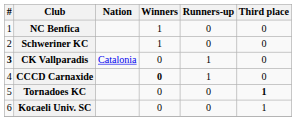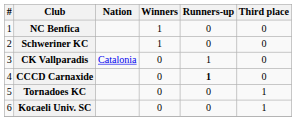 <table class="wikitable plainrowheaders sortable">
 <tr>
 <th scope="col">#</th>
 <th scope="col">Club</th>
 <th scope="col">Nation</th>
 <th scope="col">Winners</th>
 <th scope="col">Runners-up</th>
 <th scope="col">Third place</th>
 </tr>
 <tr>
 <td>1</td>
 <th scope="row">NC Benfica</th>
 <td scope="row"></td>
 <td align=center>1</td>
 <td align=center>0</td>
 <td align=center>0</td>
 </tr>
 <tr>
 <td>2</td>
 <th scope="row">Schweriner KC</th>
 <td scope="row"></td>
 <td align=center>1</td>
 <td align=center>0</td>
 <td align=center>0</td>
 </tr>
 <tr>
-<td><strong>3</strong></td>
+<td>3</td>
 <th scope="row">CK Vallparadis</th>
 <td scope="row"><a href='#'>Catalonia</a></td>
 <td align=center>0</td>
 <td align=center>1</td>
 <td align=center>0</td>
 </tr>
 <tr>
 <td>4</td>
 <th scope="row">CCCD Carnaxide</th>
 <td scope="row"></td>
-<td align=center><strong>0</strong></td>
-<td align=center>1</td>
+<td align=center>0</td>
+<td align=center><strong>1</strong></td>
 <td align=center>0</td>
 </tr>
 <tr>
 <td>5</td>
 <th scope="row">Tornadoes KC</th>
 <td scope="row"></td>
 <td align=center>0</td>
 <td align=center>0</td>
-<td align=center><strong>1</strong></td>
+<td align=center>1</td>
 </tr>
 <tr>
 <td>6</td>
 <th scope="row">Kocaeli Univ. SC</th>
 <td scope="row"></td>
 <td align=center>0</td>
 <td align=center>0</td>
 <td align=center>1</td>
 </tr>
 <tr>
 </tr>
 </table>
